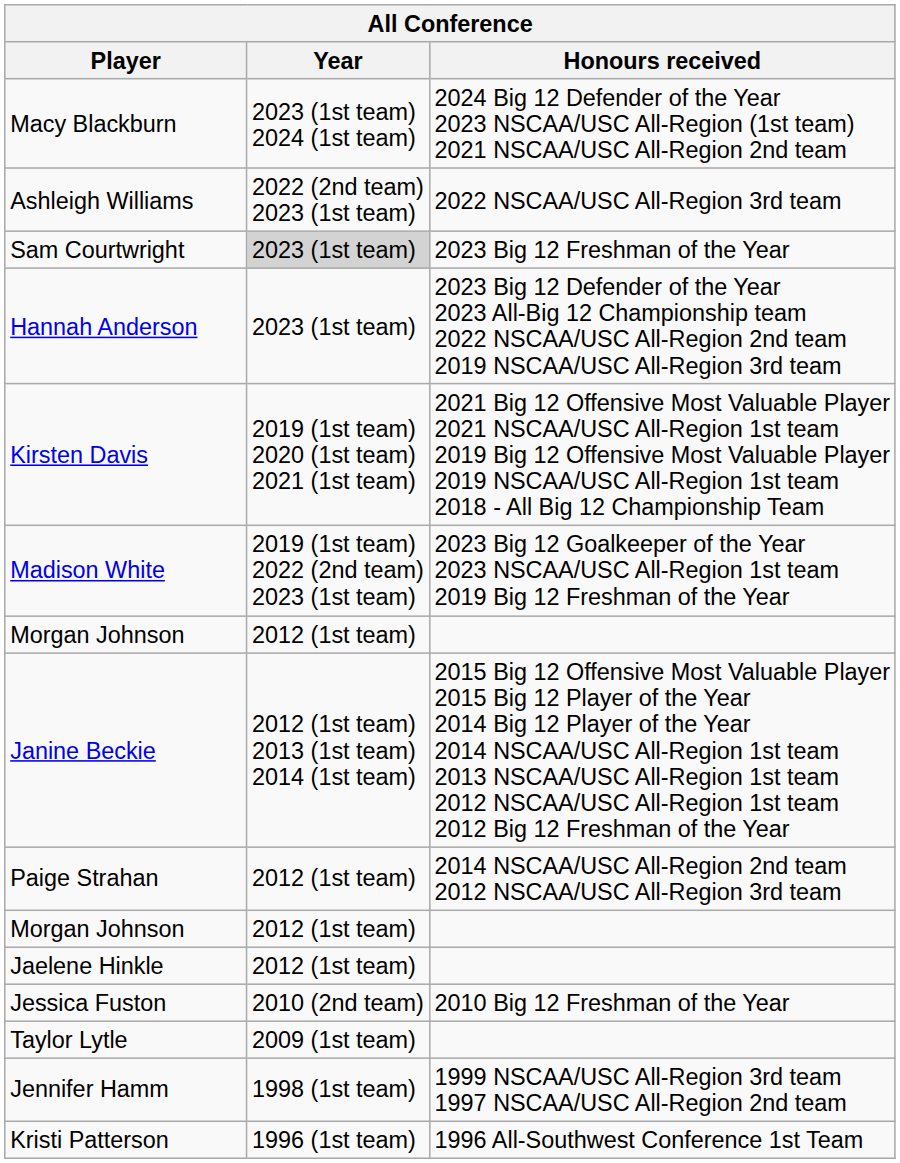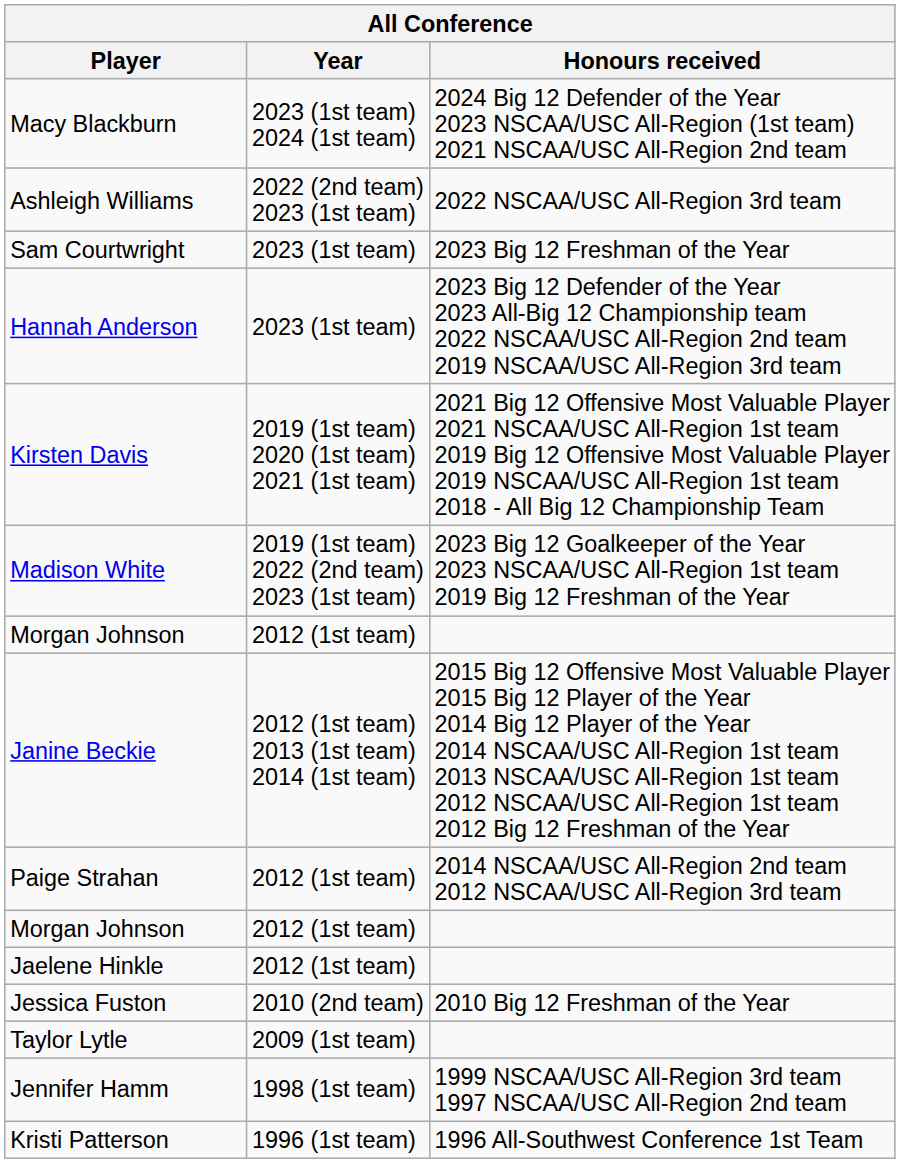 <table class="wikitable"; style= "font-size:95%">
 <tr>
 <th colspan=3>All Conference</th>
 </tr>
 <tr>
 <th width=150px>Player</th>
 <th width=px>Year</th>
 <th width=px>Honours received</th>
 </tr>
 <tr>
 <td>Macy Blackburn</td>
 <td>2023 (1st team)<br>2024 (1st team)</td>
 <td>2024 Big 12 Defender of the Year<br>2023 NSCAA/USC All-Region (1st team)<br>2021 NSCAA/USC All-Region 2nd team</td>
 </tr>
 <tr>
 <td>Ashleigh Williams</td>
 <td>2022 (2nd team) <br>2023 (1st team)</td>
 <td>2022 NSCAA/USC All-Region 3rd team</td>
 </tr>
 <tr>
 <td>Sam Courtwright</td>
-<td style="background: lightgrey;">2023 (1st team)</td>
+<td>2023 (1st team)</td>
 <td>2023 Big 12 Freshman of the Year</td>
 </tr>
 <tr>
 <td><a href='#'>Hannah Anderson</a></td>
 <td>2023 (1st team)</td>
 <td>2023 Big 12 Defender of the Year <br>2023 All-Big 12 Championship team<br>2022 NSCAA/USC All-Region 2nd team<br>2019 NSCAA/USC All-Region 3rd team</td>
 </tr>
 <tr>
 <td><a href='#'>Kirsten Davis</a></td>
 <td>2019 (1st team) <br>2020 (1st team) <br>2021 (1st team)</td>
 <td>2021 Big 12 Offensive Most Valuable Player<br>2021 NSCAA/USC All-Region 1st team<br>2019 Big 12 Offensive Most Valuable Player<br>2019 NSCAA/USC All-Region 1st team<br>2018 - All Big 12 Championship Team</td>
 </tr>
 <tr>
 <td><a href='#'>Madison White</a></td>
 <td>2019 (1st team) <br>2022 (2nd team) <br>2023 (1st team)</td>
 <td>2023 Big 12 Goalkeeper of the Year<br>2023 NSCAA/USC All-Region 1st team<br>2019 Big 12 Freshman of the Year</td>
 </tr>
 <tr>
 <td>Morgan Johnson</td>
 <td>2012 (1st team)</td>
 <td></td>
 </tr>
 <tr>
 <td><a href='#'>Janine Beckie</a></td>
 <td>2012 (1st team) <br>2013 (1st team) <br>2014 (1st team)</td>
 <td>2015 Big 12 Offensive Most Valuable Player<br>2015 Big 12 Player of the Year <br>2014 Big 12 Player of the Year<br>2014 NSCAA/USC All-Region 1st team<br>2013 NSCAA/USC All-Region 1st team<br>2012 NSCAA/USC All-Region 1st team<br>2012 Big 12 Freshman of the Year</td>
 </tr>
 <tr>
 <td>Paige Strahan</td>
 <td>2012 (1st team)</td>
 <td>2014 NSCAA/USC All-Region 2nd team<br>2012 NSCAA/USC All-Region 3rd team</td>
 </tr>
 <tr>
 <td>Morgan Johnson</td>
 <td>2012 (1st team)</td>
 <td></td>
 </tr>
 <tr>
 <td>Jaelene Hinkle</td>
 <td>2012 (1st team)</td>
 <td></td>
 </tr>
 <tr>
 <td>Jessica Fuston</td>
 <td>2010 (2nd team)</td>
 <td>2010 Big 12 Freshman of the Year</td>
 </tr>
 <tr>
 <td>Taylor Lytle</td>
 <td>2009 (1st team)</td>
 <td></td>
 </tr>
 <tr>
 <td>Jennifer Hamm</td>
 <td>1998 (1st team)</td>
 <td>1999 NSCAA/USC All-Region 3rd team<br>1997 NSCAA/USC All-Region 2nd team</td>
 </tr>
 <tr>
 <td>Kristi Patterson</td>
 <td>1996 (1st team)</td>
 <td>1996 All-Southwest Conference 1st Team</td>
 </tr>
 </table>
